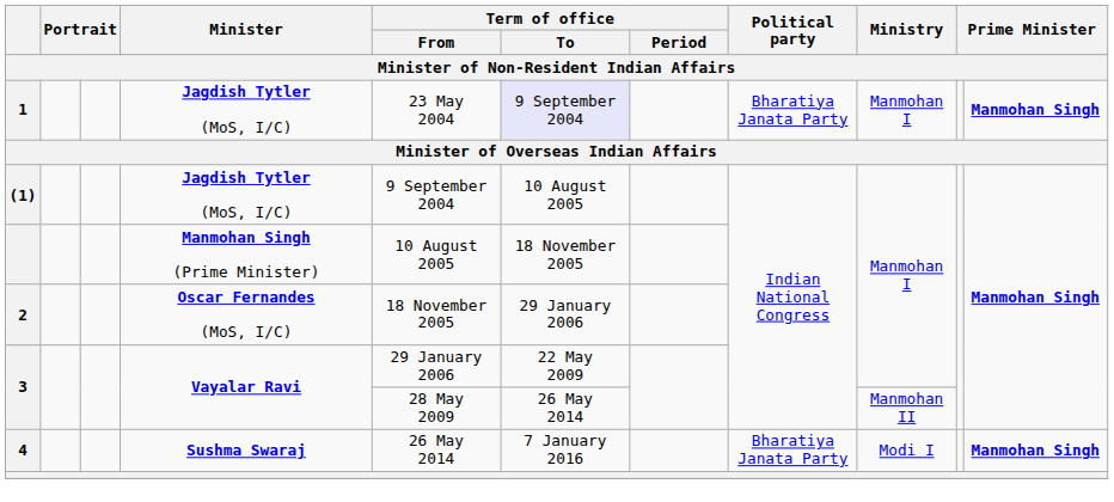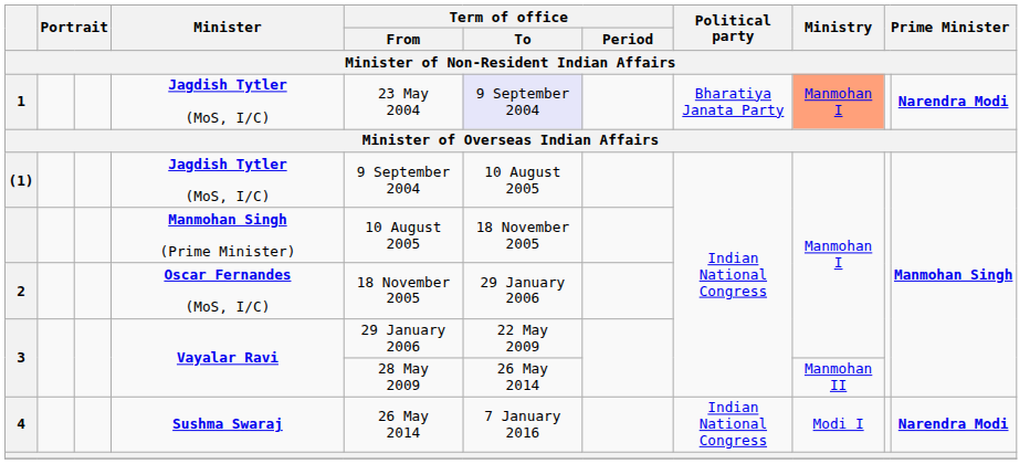 <table class="wikitable" style="text-align:center">
 <tr>
 <th rowspan="2"></th>
 <th rowspan="2" colspan="2">Portrait</th>
 <th rowspan="2" style="width:16em">Minister<br></th>
 <th colspan="3">Term of office</th>
 <th rowspan="2" style="width:8em">Political party</th>
 <th rowspan="2" style="width:6em">Ministry</th>
 <th rowspan="2" colspan="2">Prime Minister</th>
 </tr>
 <tr>
 <th style="width:8em">From</th>
 <th style="width:8em">To</th>
 <th style="width:6em">Period</th>
 </tr>
 <tr>
 <th colspan="11">Minister of Non-Resident Indian Affairs</th>
 </tr>
 <tr>
 <th>1</th>
 <td></td>
 <td></td>
 <td><strong><a href='#'>Jagdish Tytler</a></strong><br><br>(MoS, I/C)</td>
 <td>23 May<br>2004</td>
 <td style="background: lavender;">9 September<br>2004</td>
 <td><strong></strong></td>
 <td><a href='#'>Bharatiya Janata Party</a></td>
-<td><a href='#'>Manmohan I</a></td>
+<td style="background: lightsalmon;"><a href='#'>Manmohan I</a></td>
 <td></td>
-<td style="width:9em"><strong><a href='#'>Manmohan Singh</a></strong></td>
+<td><strong><a href='#'>Narendra Modi</a></strong></td>
 </tr>
 <tr>
 <th colspan="11">Minister of Overseas Indian Affairs</th>
 </tr>
 <tr>
 <th>(1)</th>
 <td></td>
 <td></td>
 <td><strong><a href='#'>Jagdish Tytler</a></strong><br><br>(MoS, I/C)</td>
 <td>9 September<br>2004</td>
 <td>10 August<br>2005</td>
 <td><strong></strong></td>
 <td rowspan="5"><a href='#'>Indian National Congress</a></td>
 <td rowspan="4"><a href='#'>Manmohan I</a></td>
 <td rowspan="5"></td>
 <td rowspan="5"><strong><a href='#'>Manmohan Singh</a></strong></td>
 </tr>
 <tr>
 <th></th>
 <td></td>
 <td></td>
 <td><strong><a href='#'>Manmohan Singh</a></strong><br><br>(Prime Minister)</td>
 <td>10 August<br>2005</td>
 <td>18 November<br>2005</td>
 <td><strong></strong></td>
 </tr>
 <tr>
 <th>2</th>
 <td></td>
 <td></td>
 <td><strong><a href='#'>Oscar Fernandes</a></strong><br><br>(MoS, I/C)</td>
 <td>18 November<br>2005</td>
 <td>29 January<br>2006</td>
 <td><strong></strong></td>
 </tr>
 <tr>
 <th rowspan="2">3</th>
 <td rowspan="2"></td>
 <td rowspan="2"></td>
 <td rowspan="2"><strong><a href='#'>Vayalar Ravi</a></strong><br></td>
 <td>29 January<br>2006</td>
 <td>22 May<br>2009</td>
 <td rowspan="2"><strong></strong></td>
 </tr>
 <tr>
 <td>28 May<br>2009</td>
 <td>26 May<br>2014</td>
 <td><a href='#'>Manmohan II</a></td>
 </tr>
 <tr>
 <th>4</th>
 <td></td>
 <td></td>
 <td><strong><a href='#'>Sushma Swaraj</a></strong><br></td>
 <td>26 May<br>2014</td>
 <td>7 January<br>2016</td>
 <td><strong></strong></td>
-<td><a href='#'>Bharatiya Janata Party</a></td>
+<td><a href='#'>Indian National Congress</a></td>
 <td><a href='#'>Modi I</a></td>
 <td></td>
-<td style="width:9em"><strong><a href='#'>Manmohan Singh</a></strong></td>
+<td><strong><a href='#'>Narendra Modi</a></strong></td>
 </tr>
 <tr>
 <th colspan="11"><em></em></th>
 </tr>
 <tr>
 </tr>
 </table>
